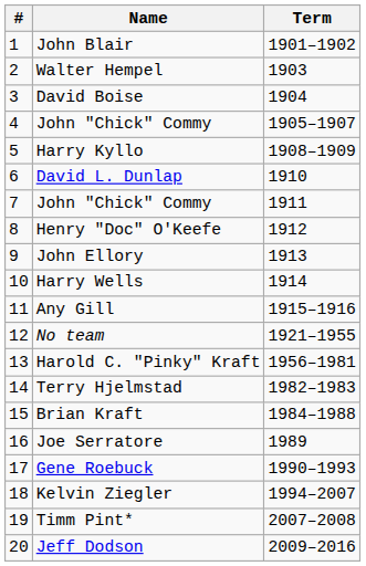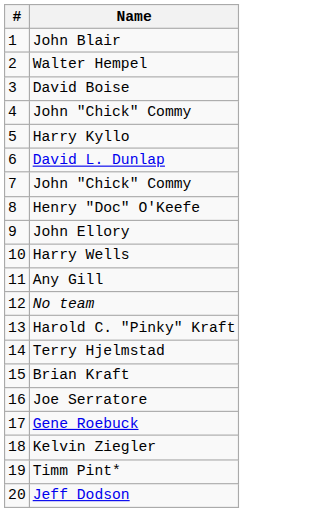 <table class=wikitable>
 <tr>
 <th>#</th>
 <th>Name</th>
-<th>Term</th>
 </tr>
 <tr>
 <td>1</td>
 <td>John Blair</td>
-<td>1901–1902</td>
 </tr>
 <tr>
 <td>2</td>
 <td>Walter Hempel</td>
-<td>1903</td>
 </tr>
 <tr>
 <td>3</td>
 <td>David Boise</td>
-<td>1904</td>
 </tr>
 <tr>
 <td>4</td>
 <td>John "Chick" Commy</td>
-<td>1905–1907</td>
 </tr>
 <tr>
 <td>5</td>
 <td>Harry Kyllo</td>
-<td>1908–1909</td>
 </tr>
 <tr>
 <td>6</td>
 <td><a href='#'>David L. Dunlap</a></td>
-<td>1910</td>
 </tr>
 <tr>
 <td>7</td>
 <td>John "Chick" Commy</td>
-<td>1911</td>
 </tr>
 <tr>
 <td>8</td>
 <td>Henry "Doc" O'Keefe</td>
-<td>1912</td>
 </tr>
 <tr>
 <td>9</td>
 <td>John Ellory</td>
-<td>1913</td>
 </tr>
 <tr>
 <td>10</td>
 <td>Harry Wells</td>
-<td>1914</td>
 </tr>
 <tr>
 <td>11</td>
 <td>Any Gill</td>
-<td>1915–1916</td>
 </tr>
 <tr>
 <td>12</td>
 <td><em>No team</em></td>
-<td>1921–1955</td>
 </tr>
 <tr>
 <td>13</td>
 <td>Harold C. "Pinky" Kraft</td>
-<td>1956–1981</td>
 </tr>
 <tr>
 <td>14</td>
 <td>Terry Hjelmstad</td>
-<td>1982–1983</td>
 </tr>
 <tr>
 <td>15</td>
 <td>Brian Kraft</td>
-<td>1984–1988</td>
 </tr>
 <tr>
 <td>16</td>
 <td>Joe Serratore</td>
-<td>1989</td>
 </tr>
 <tr>
 <td>17</td>
 <td><a href='#'>Gene Roebuck</a></td>
-<td>1990–1993</td>
 </tr>
 <tr>
 <td>18</td>
 <td>Kelvin Ziegler</td>
-<td>1994–2007</td>
 </tr>
 <tr>
 <td>19</td>
 <td>Timm Pint*</td>
-<td>2007–2008</td>
 </tr>
 <tr>
 <td>20</td>
 <td><a href='#'>Jeff Dodson</a></td>
-<td>2009–2016</td>
 </tr>
 </table>
